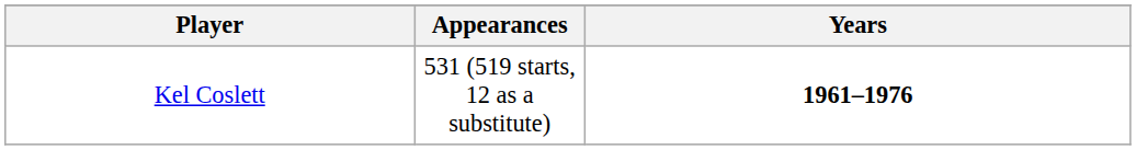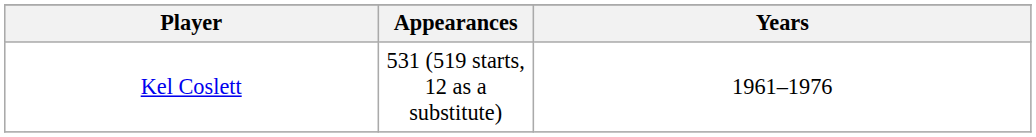 <table class="wikitable sortable" width="75%" style="font-size:90%">
 <tr bgcolor="#efefef">
 </tr>
 <tr bgcolor="#efefef">
 <th width=30%>Player</th>
 <th width=10%>Appearances</th>
 <th width=40%>Years</th>
 </tr>
 <tr bgcolor=#FFFFFF>
 <td align=center> <a href='#'>Kel Coslett</a></td>
 <td align=center>531 (519 starts, 12 as a substitute)</td>
-<td align=center><strong>1961–1976</strong></td>
+<td align=center>1961–1976</td>
 </tr>
 </table>
